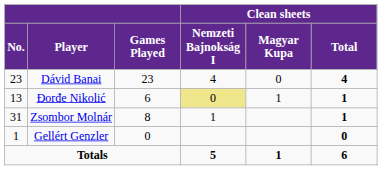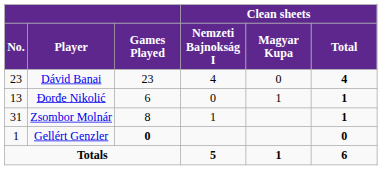 <table class="wikitable sortable alternance" style="text-align:center">
 <tr>
 <th colspan="3" style="background:#5E278E"></th>
 <th colspan="4" style="background:#5E278E;color:white">Clean sheets</th>
 </tr>
 <tr>
 <th style="background-color:#5E278E;color:white">No.</th>
 <th style="background-color:#5E278E;color:white">Player</th>
 <th width=80 style="background-color:#5E278E;color:white">Games Played</th>
 <th width=80 style="background-color:#5E278E;color:white">Nemzeti Bajnokság I</th>
 <th width=80 style="background-color:#5E278E;color:white">Magyar Kupa</th>
 <th width=80 style="background-color:#5E278E;color:white">Total</th>
 </tr>
 <tr>
 <td>23</td>
 <td> <a href='#'>Dávid Banai</a></td>
 <td>23</td>
 <td>4</td>
 <td>0</td>
 <td><strong>4</strong></td>
 </tr>
 <tr>
 <td>13</td>
 <td> <a href='#'>Đorđe Nikolić</a></td>
 <td>6</td>
-<td style="background: khaki;">0</td>
+<td>0</td>
 <td>1</td>
 <td><strong>1</strong></td>
 </tr>
 <tr>
 <td>31</td>
 <td> <a href='#'>Zsombor Molnár</a></td>
 <td>8</td>
 <td>1</td>
 <td></td>
 <td><strong>1</strong></td>
 </tr>
 <tr>
 <td>1</td>
 <td> <a href='#'>Gellért Genzler</a></td>
-<td>0</td>
+<td><strong>0</strong></td>
 <td></td>
 <td></td>
 <td><strong>0</strong></td>
 </tr>
 <tr class="sortbottom">
 <td colspan="3"><strong>Totals</strong></td>
 <td><strong>5</strong></td>
 <td><strong>1</strong></td>
 <td><strong>6</strong></td>
 </tr>
 </table>
